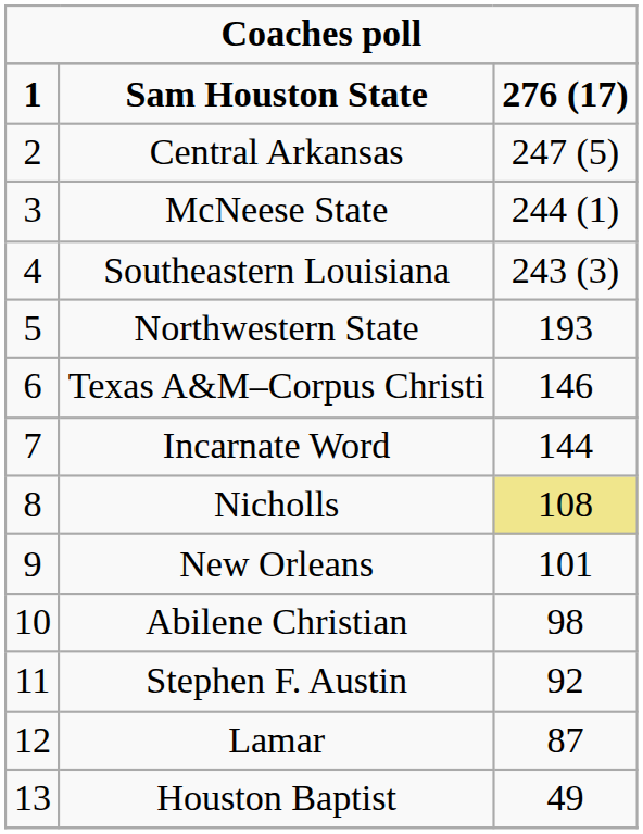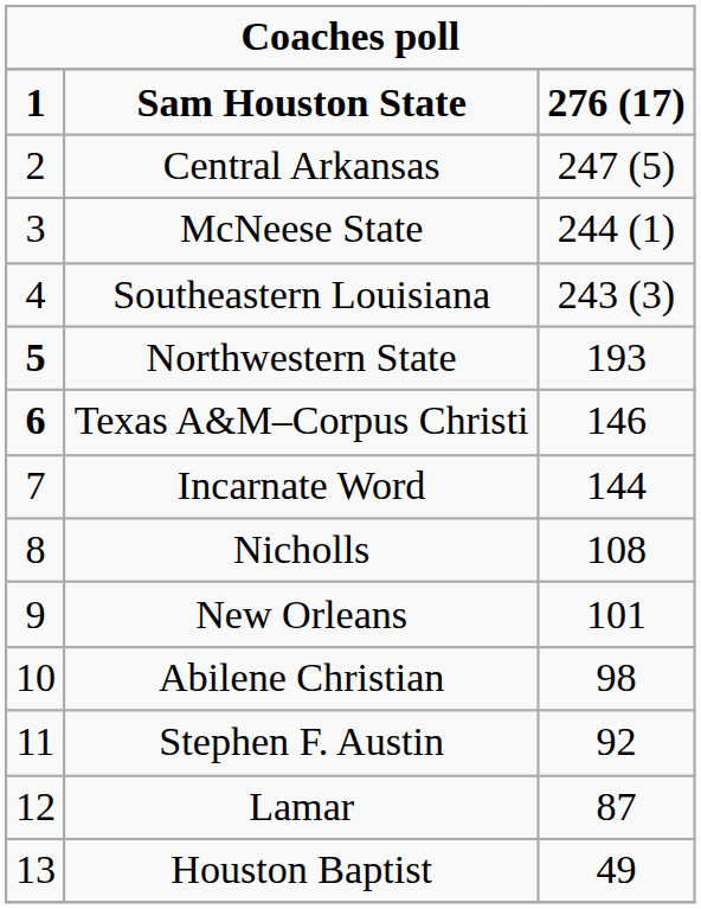 <table class="wikitable">
 <tr align="center">
 <td align="center" Colspan="3"><strong>Coaches poll</strong></td>
 </tr>
 <tr align="center">
 </tr>
 <tr align="center">
 <td><strong>1</strong></td>
 <td><strong>Sam Houston State</strong></td>
 <td><strong>276 (17)</strong></td>
 </tr>
 <tr align="center">
 <td>2</td>
 <td>Central Arkansas</td>
 <td>247 (5)</td>
 </tr>
 <tr align="center">
 <td>3</td>
 <td>McNeese State</td>
 <td>244 (1)</td>
 </tr>
 <tr align="center">
 <td>4</td>
 <td>Southeastern Louisiana</td>
 <td>243 (3)</td>
 </tr>
 <tr align="center">
-<td>5</td>
+<td><strong>5</strong></td>
 <td>Northwestern State</td>
 <td>193</td>
 </tr>
 <tr align="center">
-<td>6</td>
+<td><strong>6</strong></td>
 <td>Texas A&M–Corpus Christi</td>
 <td>146</td>
 </tr>
 <tr align="center">
 <td>7</td>
 <td>Incarnate Word</td>
 <td>144</td>
 </tr>
 <tr align="center">
 <td>8</td>
 <td>Nicholls</td>
-<td style="background: khaki;">108</td>
+<td>108</td>
 </tr>
 <tr align="center">
 <td>9</td>
 <td>New Orleans</td>
 <td>101</td>
 </tr>
 <tr align="center">
 <td>10</td>
 <td>Abilene Christian</td>
 <td>98</td>
 </tr>
 <tr align="center">
 <td>11</td>
 <td>Stephen F. Austin</td>
 <td>92</td>
 </tr>
 <tr align="center">
 <td>12</td>
 <td>Lamar</td>
 <td>87</td>
 </tr>
 <tr align="center">
 <td>13</td>
 <td>Houston Baptist</td>
 <td>49</td>
 </tr>
 <tr align="center">
 </tr>
 </table>
